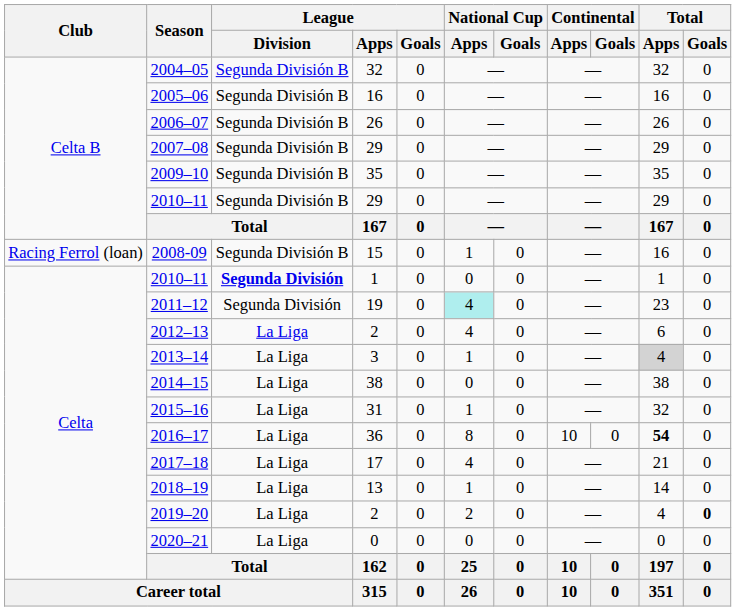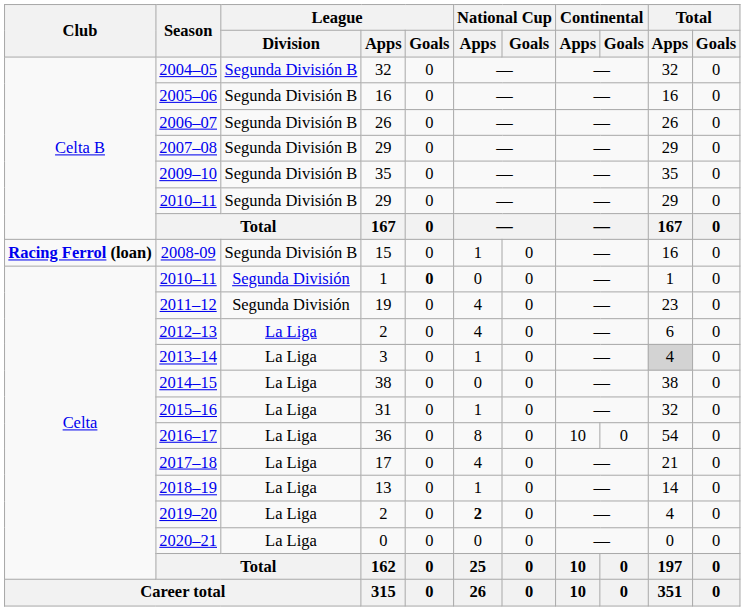 <table class="wikitable" style="text-align:center">
 <tr>
 <th rowspan=2>Club</th>
 <th rowspan=2>Season</th>
 <th colspan="3">League</th>
 <th colspan=2>National Cup</th>
 <th colspan=2>Continental</th>
 <th colspan=2>Total</th>
 </tr>
 <tr>
 <th>Division</th>
 <th>Apps</th>
 <th>Goals</th>
 <th>Apps</th>
 <th>Goals</th>
 <th>Apps</th>
 <th>Goals</th>
 <th>Apps</th>
 <th>Goals</th>
 </tr>
 <tr>
 <td rowspan="7"><a href='#'>Celta B</a></td>
 <td><a href='#'>2004–05</a></td>
 <td><a href='#'>Segunda División B</a></td>
 <td>32</td>
 <td>0</td>
 <td colspan="2">—</td>
 <td colspan="2">—</td>
 <td>32</td>
 <td>0</td>
 </tr>
 <tr>
 <td><a href='#'>2005–06</a></td>
 <td>Segunda División B</td>
 <td>16</td>
 <td>0</td>
 <td colspan="2">—</td>
 <td colspan="2">—</td>
 <td>16</td>
 <td>0</td>
 </tr>
 <tr>
 <td><a href='#'>2006–07</a></td>
 <td>Segunda División B</td>
 <td>26</td>
 <td>0</td>
 <td colspan="2">—</td>
 <td colspan="2">—</td>
 <td>26</td>
 <td>0</td>
 </tr>
 <tr>
 <td><a href='#'>2007–08</a></td>
 <td>Segunda División B</td>
 <td>29</td>
 <td>0</td>
 <td colspan="2">—</td>
 <td colspan="2">—</td>
 <td>29</td>
 <td>0</td>
 </tr>
 <tr>
 <td><a href='#'>2009–10</a></td>
 <td>Segunda División B</td>
 <td>35</td>
 <td>0</td>
 <td colspan="2">—</td>
 <td colspan="2">—</td>
 <td>35</td>
 <td>0</td>
 </tr>
 <tr>
 <td><a href='#'>2010–11</a></td>
 <td>Segunda División B</td>
 <td>29</td>
 <td>0</td>
 <td colspan="2">—</td>
 <td colspan="2">—</td>
 <td>29</td>
 <td>0</td>
 </tr>
 <tr>
 <th colspan="2">Total</th>
 <th>167</th>
 <th>0</th>
 <th colspan="2">—</th>
 <th colspan="2">—</th>
 <th>167</th>
 <th>0</th>
 </tr>
 <tr>
-<td><a href='#'>Racing Ferrol</a> (loan)</td>
+<td><strong><a href='#'>Racing Ferrol</a> (loan)</strong></td>
 <td><a href='#'>2008-09</a></td>
 <td>Segunda División B</td>
 <td>15</td>
 <td>0</td>
 <td>1</td>
 <td>0</td>
 <td colspan="2">—</td>
 <td>16</td>
 <td>0</td>
 </tr>
 <tr>
 <td rowspan="12"><a href='#'>Celta</a></td>
 <td><a href='#'>2010–11</a></td>
-<td><strong><a href='#'>Segunda División</a></strong></td>
+<td><a href='#'>Segunda División</a></td>
 <td>1</td>
-<td>0</td>
+<td><strong>0</strong></td>
 <td>0</td>
 <td>0</td>
 <td colspan="2">—</td>
 <td>1</td>
 <td>0</td>
 </tr>
 <tr>
 <td><a href='#'>2011–12</a></td>
 <td>Segunda División</td>
 <td>19</td>
 <td>0</td>
-<td style="background: paleturquoise;">4</td>
+<td>4</td>
 <td>0</td>
 <td colspan="2">—</td>
 <td>23</td>
 <td>0</td>
 </tr>
 <tr>
 <td><a href='#'>2012–13</a></td>
 <td><a href='#'>La Liga</a></td>
 <td>2</td>
 <td>0</td>
 <td>4</td>
 <td>0</td>
 <td colspan="2">—</td>
 <td>6</td>
 <td>0</td>
 </tr>
 <tr>
 <td><a href='#'>2013–14</a></td>
 <td>La Liga</td>
 <td>3</td>
 <td>0</td>
 <td>1</td>
 <td>0</td>
 <td colspan="2">—</td>
 <td style="background: lightgrey;">4</td>
 <td>0</td>
 </tr>
 <tr>
 <td><a href='#'>2014–15</a></td>
 <td>La Liga</td>
 <td>38</td>
 <td>0</td>
 <td>0</td>
 <td>0</td>
 <td colspan="2">—</td>
 <td>38</td>
 <td>0</td>
 </tr>
 <tr>
 <td><a href='#'>2015–16</a></td>
 <td>La Liga</td>
 <td>31</td>
 <td>0</td>
 <td>1</td>
 <td>0</td>
 <td colspan="2">—</td>
 <td>32</td>
 <td>0</td>
 </tr>
 <tr>
 <td><a href='#'>2016–17</a></td>
 <td>La Liga</td>
 <td>36</td>
 <td>0</td>
 <td>8</td>
 <td>0</td>
 <td>10</td>
 <td>0</td>
-<td><strong>54</strong></td>
+<td>54</td>
 <td>0</td>
 </tr>
 <tr>
 <td><a href='#'>2017–18</a></td>
 <td>La Liga</td>
 <td>17</td>
 <td>0</td>
 <td>4</td>
 <td>0</td>
 <td colspan="2">—</td>
 <td>21</td>
 <td>0</td>
 </tr>
 <tr>
 <td><a href='#'>2018–19</a></td>
 <td>La Liga</td>
 <td>13</td>
 <td>0</td>
 <td>1</td>
 <td>0</td>
 <td colspan="2">—</td>
 <td>14</td>
 <td>0</td>
 </tr>
 <tr>
 <td><a href='#'>2019–20</a></td>
 <td>La Liga</td>
 <td>2</td>
 <td>0</td>
-<td>2</td>
+<td><strong>2</strong></td>
 <td>0</td>
 <td colspan="2">—</td>
 <td>4</td>
-<td><strong>0</strong></td>
+<td>0</td>
 </tr>
 <tr>
 <td><a href='#'>2020–21</a></td>
 <td>La Liga</td>
 <td>0</td>
 <td>0</td>
 <td>0</td>
 <td>0</td>
 <td colspan="2">—</td>
 <td>0</td>
 <td>0</td>
 </tr>
 <tr>
 <th colspan="2">Total</th>
 <th>162</th>
 <th>0</th>
 <th>25</th>
 <th>0</th>
 <th>10</th>
 <th>0</th>
 <th>197</th>
 <th>0</th>
 </tr>
 <tr>
 <th colspan="3">Career total</th>
 <th>315</th>
 <th>0</th>
 <th>26</th>
 <th>0</th>
 <th>10</th>
 <th>0</th>
 <th>351</th>
 <th>0</th>
 </tr>
 </table>
